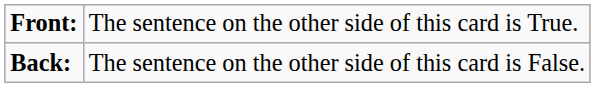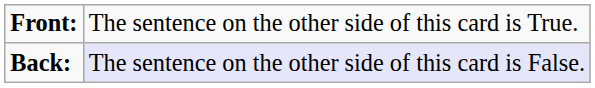 <table class="wikitable">
 <tr>
 <td><strong>Front:</strong></td>
 <td>The sentence on the other side of this card is True.</td>
 </tr>
 <tr>
 <td><strong>Back:</strong></td>
-<td>The sentence on the other side of this card is False.</td>
+<td style="background: lavender;">The sentence on the other side of this card is False.</td>
 </tr>
 </table>
